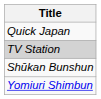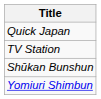 <table class="wikitable">
 <tr>
 <th>Title</th>
 </tr>
 <tr>
 <td><em>Quick Japan</em></td>
 </tr>
 <tr>
-<td style="background: lightgrey;"><em>TV Station</em></td>
+<td><em>TV Station</em></td>
 </tr>
 <tr>
 <td><em>Shūkan Bunshun</em></td>
 </tr>
 <tr>
 <td><em><a href='#'>Yomiuri Shimbun</a></em></td>
 </tr>
 </table>
